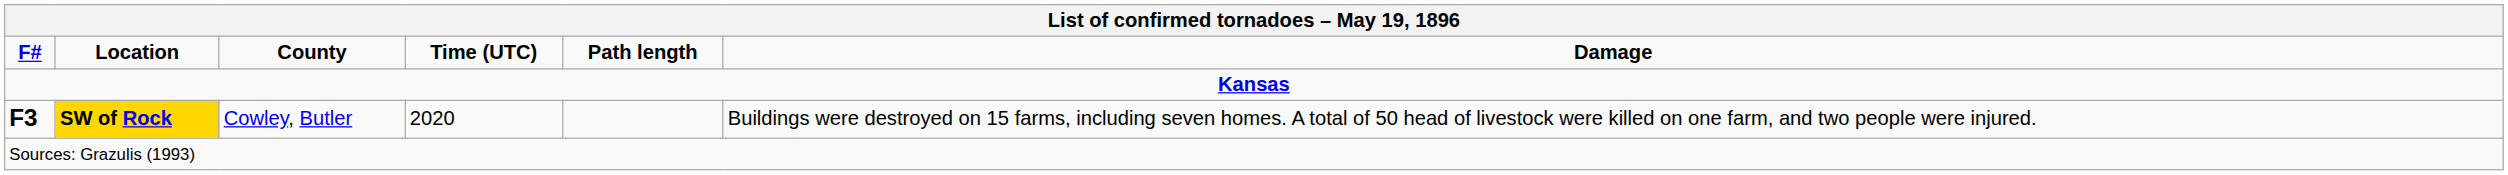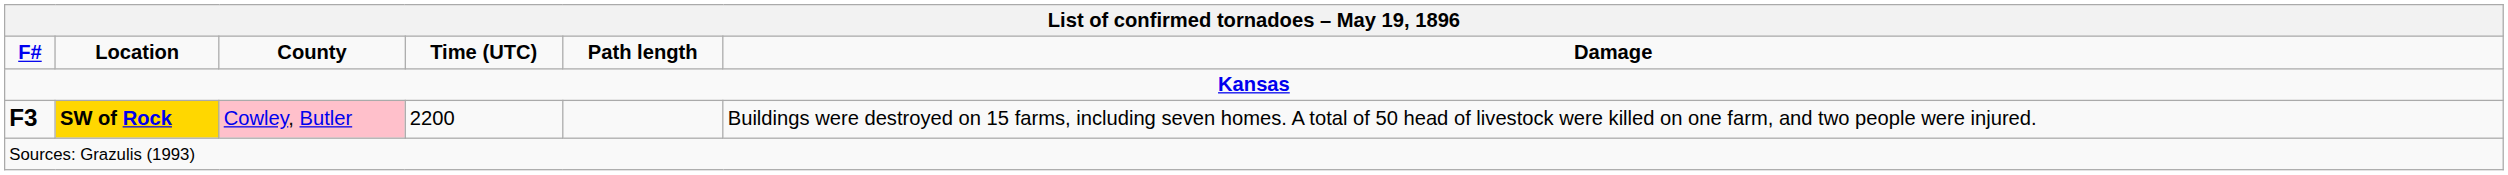 <table class="wikitable toccolours collapsible" style="width:100%;">
 <tr>
 <th colspan="6">List of confirmed tornadoes – May 19, 1896</th>
 </tr>
 <tr style="text-align:center;">
 <td><strong><a href='#'>F#</a></strong></td>
 <td><strong>Location</strong></td>
 <td><strong>County</strong></td>
 <td><strong>Time (UTC)</strong></td>
 <td><strong>Path length</strong></td>
 <td><strong>Damage</strong></td>
 </tr>
 <tr>
 <td colspan="7" style="text-align:center;"><strong><a href='#'>Kansas</a></strong></td>
 </tr>
 <tr>
 <td><big><strong>F3</strong></big></td>
 <td style="background: gold;"><strong>SW of <a href='#'>Rock</a></strong></td>
-<td><a href='#'>Cowley</a>, <a href='#'>Butler</a></td>
-<td>2020</td>
+<td style="background: pink;"><a href='#'>Cowley</a>, <a href='#'>Butler</a></td>
+<td>2200</td>
 <td></td>
 <td>Buildings were destroyed on 15 farms, including seven homes. A total of 50 head of livestock were killed on one farm, and two people were injured.</td>
 </tr>
 <tr>
 <td colspan="7"><small>Sources: Grazulis (1993)</small></td>
 </tr>
 </table>
